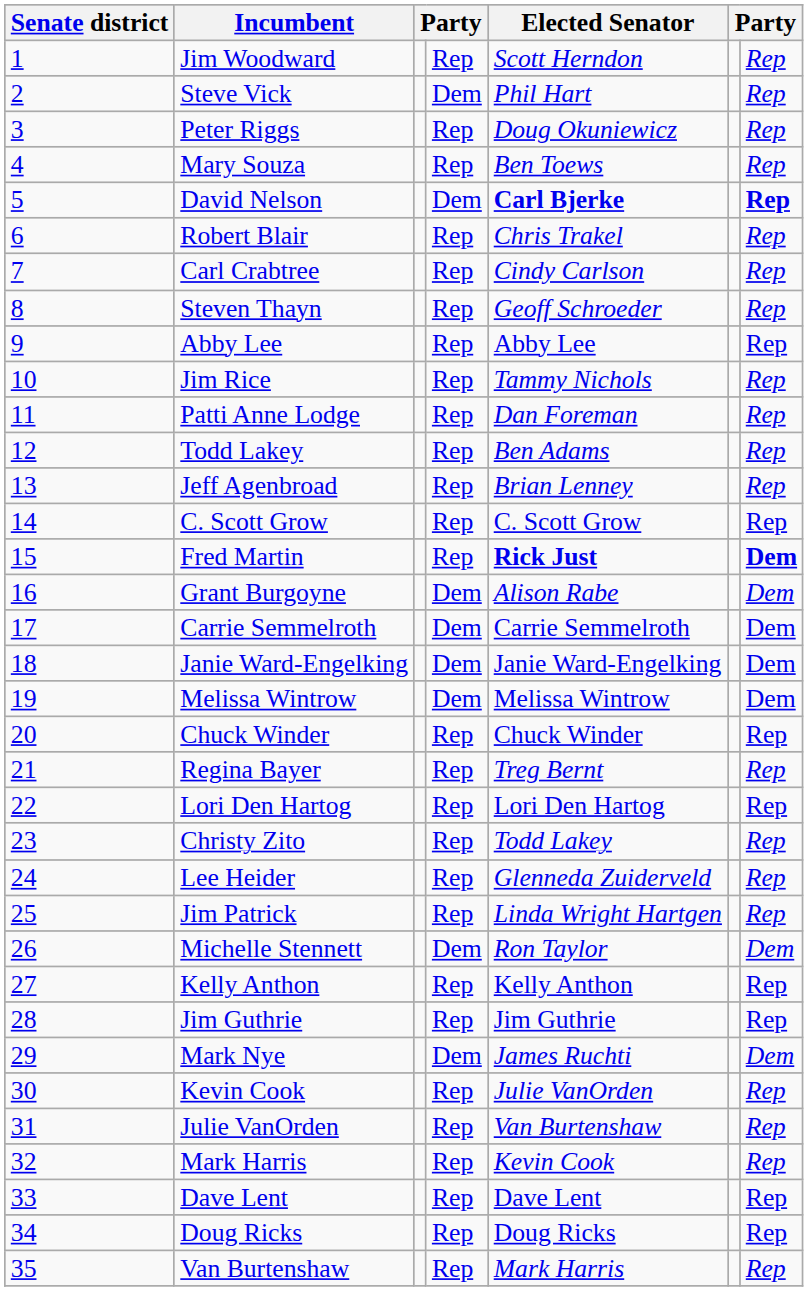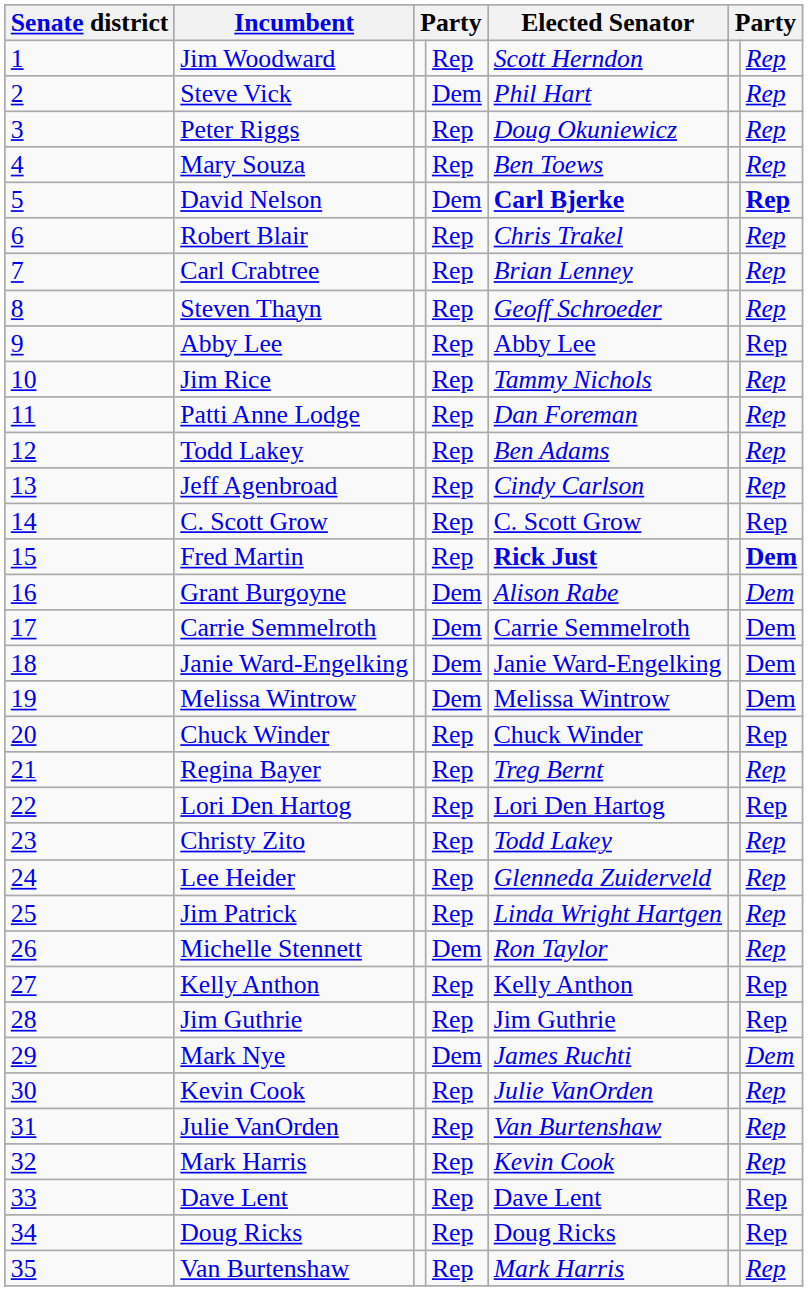 <table class="sortable wikitable" style="font-size:95%;line-height:14px;">
 <tr>
 <th colspan="1" class="sortable"><a href='#'>Senate</a> district</th>
 <th class="unsortable"><a href='#'>Incumbent</a></th>
 <th colspan="2">Party</th>
 <th class="unsortable">Elected Senator</th>
 <th colspan="2">Party</th>
 </tr>
 <tr>
 <td><a href='#'>1</a></td>
 <td><a href='#'>Jim Woodward</a></td>
 <td style="background:"></td>
 <td><a href='#'>Rep</a></td>
 <td><em><a href='#'>Scott Herndon</a></em></td>
 <td style="background:"></td>
 <td><em><a href='#'>Rep</a></em></td>
 </tr>
 <tr>
 <td><a href='#'>2</a></td>
 <td><a href='#'>Steve Vick</a></td>
 <td style="background:"></td>
 <td><a href='#'>Dem</a></td>
 <td><em><a href='#'>Phil Hart</a></em></td>
 <td style="background:"></td>
 <td><em><a href='#'>Rep</a></em></td>
 </tr>
 <tr>
 <td><a href='#'>3</a></td>
 <td><a href='#'>Peter Riggs</a></td>
 <td style="background:"></td>
 <td><a href='#'>Rep</a></td>
 <td><em><a href='#'>Doug Okuniewicz</a></em></td>
 <td style="background:"></td>
 <td><em><a href='#'>Rep</a></em></td>
 </tr>
 <tr>
 <td><a href='#'>4</a></td>
 <td><a href='#'>Mary Souza</a></td>
 <td style="background:"></td>
 <td><a href='#'>Rep</a></td>
 <td><em><a href='#'>Ben Toews</a></em></td>
 <td style="background:"></td>
 <td><em><a href='#'>Rep</a></em></td>
 </tr>
 <tr>
 <td><a href='#'>5</a></td>
 <td><a href='#'>David Nelson</a></td>
 <td style="background:"></td>
 <td><a href='#'>Dem</a></td>
 <td><strong><a href='#'>Carl Bjerke</a></strong></td>
 <td style="background:"></td>
 <td><strong><a href='#'>Rep</a></strong></td>
 </tr>
 <tr>
 <td><a href='#'>6</a></td>
 <td><a href='#'>Robert Blair</a></td>
 <td style="background:"></td>
 <td><a href='#'>Rep</a></td>
 <td><em><a href='#'>Chris Trakel</a></em></td>
 <td style="background:"></td>
 <td><em><a href='#'>Rep</a></em></td>
 </tr>
 <tr>
 <td><a href='#'>7</a></td>
 <td><a href='#'>Carl Crabtree</a></td>
 <td style="background:"></td>
 <td><a href='#'>Rep</a></td>
-<td><em><a href='#'>Cindy Carlson</a></em></td>
+<td><em><a href='#'>Brian Lenney</a></em></td>
 <td style="background:"></td>
 <td><em><a href='#'>Rep</a></em></td>
 </tr>
 <tr>
 <td><a href='#'>8</a></td>
 <td><a href='#'>Steven Thayn</a></td>
 <td style="background:"></td>
 <td><a href='#'>Rep</a></td>
 <td><em><a href='#'>Geoff Schroeder</a></em></td>
 <td style="background:"></td>
 <td><em><a href='#'>Rep</a></em></td>
 </tr>
 <tr>
 <td><a href='#'>9</a></td>
 <td><a href='#'>Abby Lee</a></td>
 <td style="background:"></td>
 <td><a href='#'>Rep</a></td>
 <td><a href='#'>Abby Lee</a></td>
 <td style="background:"></td>
 <td><a href='#'>Rep</a></td>
 </tr>
 <tr>
 <td><a href='#'>10</a></td>
 <td><a href='#'>Jim Rice</a></td>
 <td style="background:"></td>
 <td><a href='#'>Rep</a></td>
 <td><em><a href='#'>Tammy Nichols</a></em></td>
 <td style="background:"></td>
 <td><em><a href='#'>Rep</a></em></td>
 </tr>
 <tr>
 <td><a href='#'>11</a></td>
 <td><a href='#'>Patti Anne Lodge</a></td>
 <td style="background:"></td>
 <td><a href='#'>Rep</a></td>
 <td><em><a href='#'>Dan Foreman</a></em></td>
 <td style="background:"></td>
 <td><em><a href='#'>Rep</a></em></td>
 </tr>
 <tr>
 <td><a href='#'>12</a></td>
 <td><a href='#'>Todd Lakey</a></td>
 <td style="background:"></td>
 <td><a href='#'>Rep</a></td>
 <td><em><a href='#'>Ben Adams</a></em></td>
 <td style="background:"></td>
 <td><em><a href='#'>Rep</a></em></td>
 </tr>
 <tr>
 <td><a href='#'>13</a></td>
 <td><a href='#'>Jeff Agenbroad</a></td>
 <td style="background:"></td>
 <td><a href='#'>Rep</a></td>
-<td><em><a href='#'>Brian Lenney</a></em></td>
+<td><em><a href='#'>Cindy Carlson</a></em></td>
 <td style="background:"></td>
 <td><em><a href='#'>Rep</a></em></td>
 </tr>
 <tr>
 <td><a href='#'>14</a></td>
 <td><a href='#'>C. Scott Grow</a></td>
 <td style="background:"></td>
 <td><a href='#'>Rep</a></td>
 <td><a href='#'>C. Scott Grow</a></td>
 <td style="background:"></td>
 <td><a href='#'>Rep</a></td>
 </tr>
 <tr>
 <td><a href='#'>15</a></td>
 <td><a href='#'>Fred Martin</a></td>
 <td style="background:"></td>
 <td><a href='#'>Rep</a></td>
 <td><strong><a href='#'>Rick Just</a></strong></td>
 <td style="background:"></td>
 <td><strong><a href='#'>Dem</a></strong></td>
 </tr>
 <tr>
 <td><a href='#'>16</a></td>
 <td><a href='#'>Grant Burgoyne</a></td>
 <td style="background:"></td>
 <td><a href='#'>Dem</a></td>
 <td><em><a href='#'>Alison Rabe</a></em></td>
 <td style="background:"></td>
 <td><em><a href='#'>Dem</a></em></td>
 </tr>
 <tr>
 <td><a href='#'>17</a></td>
 <td><a href='#'>Carrie Semmelroth</a></td>
 <td style="background:"></td>
 <td><a href='#'>Dem</a></td>
 <td><a href='#'>Carrie Semmelroth</a></td>
 <td style="background:"></td>
 <td><a href='#'>Dem</a></td>
 </tr>
 <tr>
 <td><a href='#'>18</a></td>
 <td><a href='#'>Janie Ward-Engelking</a></td>
 <td style="background:"></td>
 <td><a href='#'>Dem</a></td>
 <td><a href='#'>Janie Ward-Engelking</a></td>
 <td style="background:"></td>
 <td><a href='#'>Dem</a></td>
 </tr>
 <tr>
 <td><a href='#'>19</a></td>
 <td><a href='#'>Melissa Wintrow</a></td>
 <td style="background:"></td>
 <td><a href='#'>Dem</a></td>
 <td><a href='#'>Melissa Wintrow</a></td>
 <td style="background:"></td>
 <td><a href='#'>Dem</a></td>
 </tr>
 <tr>
 <td><a href='#'>20</a></td>
 <td><a href='#'>Chuck Winder</a></td>
 <td style="background:"></td>
 <td><a href='#'>Rep</a></td>
 <td><a href='#'>Chuck Winder</a></td>
 <td style="background:"></td>
 <td><a href='#'>Rep</a></td>
 </tr>
 <tr>
 <td><a href='#'>21</a></td>
 <td><a href='#'>Regina Bayer</a></td>
 <td style="background:"></td>
 <td><a href='#'>Rep</a></td>
 <td><em><a href='#'>Treg Bernt</a></em></td>
 <td style="background:"></td>
 <td><em><a href='#'>Rep</a></em></td>
 </tr>
 <tr>
 <td><a href='#'>22</a></td>
 <td><a href='#'>Lori Den Hartog</a></td>
 <td style="background:"></td>
 <td><a href='#'>Rep</a></td>
 <td><a href='#'>Lori Den Hartog</a></td>
 <td style="background:"></td>
 <td><a href='#'>Rep</a></td>
 </tr>
 <tr>
 <td><a href='#'>23</a></td>
 <td><a href='#'>Christy Zito</a></td>
 <td style="background:"></td>
 <td><a href='#'>Rep</a></td>
 <td><em><a href='#'>Todd Lakey</a></em></td>
 <td style="background:"></td>
 <td><em><a href='#'>Rep</a></em></td>
 </tr>
 <tr>
 <td><a href='#'>24</a></td>
 <td><a href='#'>Lee Heider</a></td>
 <td style="background:"></td>
 <td><a href='#'>Rep</a></td>
 <td><em><a href='#'>Glenneda Zuiderveld</a></em></td>
 <td style="background:"></td>
 <td><em><a href='#'>Rep</a></em></td>
 </tr>
 <tr>
 <td><a href='#'>25</a></td>
 <td><a href='#'>Jim Patrick</a></td>
 <td style="background:"></td>
 <td><a href='#'>Rep</a></td>
 <td><em><a href='#'>Linda Wright Hartgen</a></em></td>
 <td style="background:"></td>
 <td><em><a href='#'>Rep</a></em></td>
 </tr>
 <tr>
 <td><a href='#'>26</a></td>
 <td><a href='#'>Michelle Stennett</a></td>
 <td style="background:"></td>
 <td><a href='#'>Dem</a></td>
 <td><em><a href='#'>Ron Taylor</a></em></td>
 <td style="background:"></td>
-<td><em><a href='#'>Dem</a></em></td>
+<td><em><a href='#'>Rep</a></em></td>
 </tr>
 <tr>
 <td><a href='#'>27</a></td>
 <td><a href='#'>Kelly Anthon</a></td>
 <td style="background:"></td>
 <td><a href='#'>Rep</a></td>
 <td><a href='#'>Kelly Anthon</a></td>
 <td style="background:"></td>
 <td><a href='#'>Rep</a></td>
 </tr>
 <tr>
 <td><a href='#'>28</a></td>
 <td><a href='#'>Jim Guthrie</a></td>
 <td style="background:"></td>
 <td><a href='#'>Rep</a></td>
 <td><a href='#'>Jim Guthrie</a></td>
 <td style="background:"></td>
 <td><a href='#'>Rep</a></td>
 </tr>
 <tr>
 <td><a href='#'>29</a></td>
 <td><a href='#'>Mark Nye</a></td>
 <td style="background:"></td>
 <td><a href='#'>Dem</a></td>
 <td><em><a href='#'>James Ruchti</a></em></td>
 <td style="background:"></td>
 <td><em><a href='#'>Dem</a></em></td>
 </tr>
 <tr>
 <td><a href='#'>30</a></td>
 <td><a href='#'>Kevin Cook</a></td>
 <td style="background:"></td>
 <td><a href='#'>Rep</a></td>
 <td><em><a href='#'>Julie VanOrden</a></em></td>
 <td style="background:"></td>
 <td><em><a href='#'>Rep</a></em></td>
 </tr>
 <tr>
 <td><a href='#'>31</a></td>
 <td><a href='#'>Julie VanOrden</a></td>
 <td style="background:"></td>
 <td><a href='#'>Rep</a></td>
 <td><em><a href='#'>Van Burtenshaw</a></em></td>
 <td style="background:"></td>
 <td><em><a href='#'>Rep</a></em></td>
 </tr>
 <tr>
 <td><a href='#'>32</a></td>
 <td><a href='#'>Mark Harris</a></td>
 <td style="background:"></td>
 <td><a href='#'>Rep</a></td>
 <td><em><a href='#'>Kevin Cook</a></em></td>
 <td style="background:"></td>
 <td><em><a href='#'>Rep</a></em></td>
 </tr>
 <tr>
 <td><a href='#'>33</a></td>
 <td><a href='#'>Dave Lent</a></td>
 <td style="background:"></td>
 <td><a href='#'>Rep</a></td>
 <td><a href='#'>Dave Lent</a></td>
 <td style="background:"></td>
 <td><a href='#'>Rep</a></td>
 </tr>
 <tr>
 <td><a href='#'>34</a></td>
 <td><a href='#'>Doug Ricks</a></td>
 <td style="background:"></td>
 <td><a href='#'>Rep</a></td>
 <td><a href='#'>Doug Ricks</a></td>
 <td style="background:"></td>
 <td><a href='#'>Rep</a></td>
 </tr>
 <tr>
 <td><a href='#'>35</a></td>
 <td><a href='#'>Van Burtenshaw</a></td>
 <td style="background:"></td>
 <td><a href='#'>Rep</a></td>
 <td><em><a href='#'>Mark Harris</a></em></td>
 <td style="background:"></td>
 <td><em><a href='#'>Rep</a></em></td>
 </tr>
 </table>
